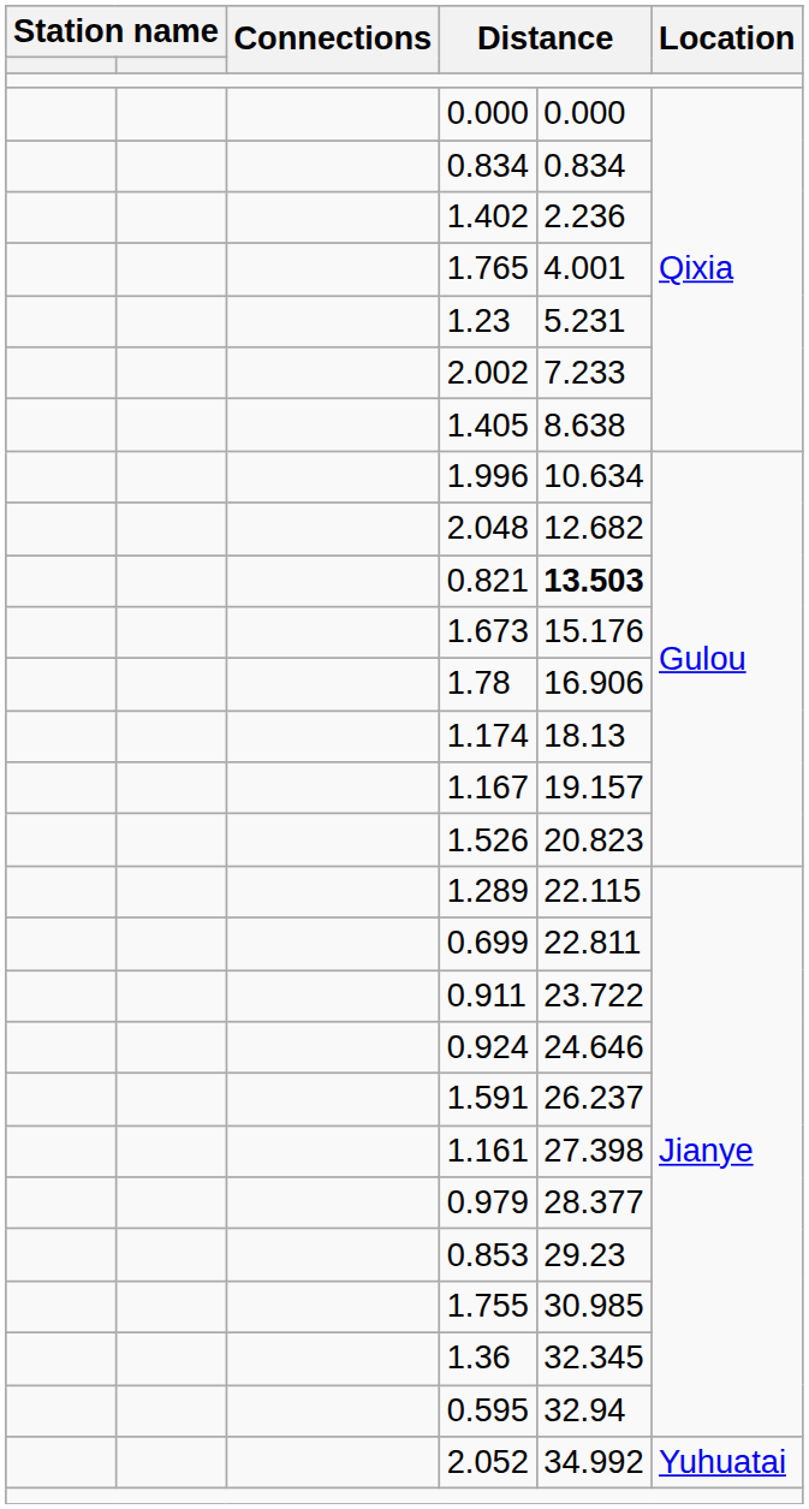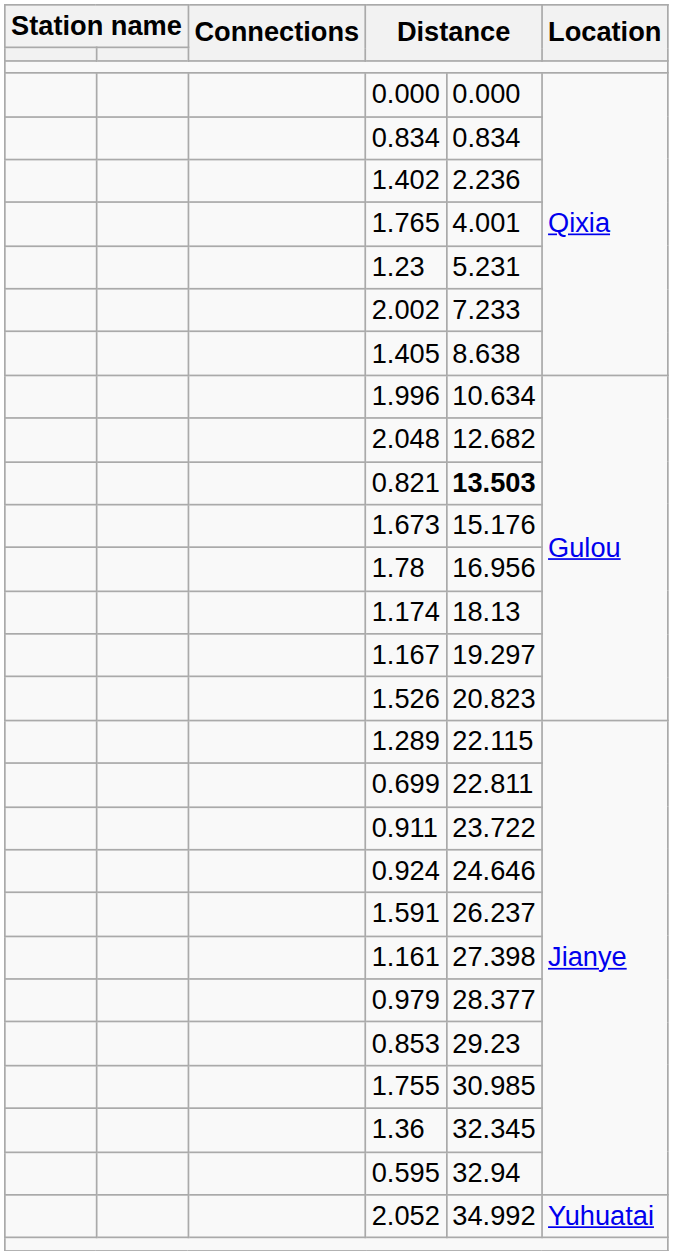 <table class="wikitable">
 <tr>
 <th colspan="2">Station name</th>
 <th rowspan="2">Connections</th>
 <th colspan="2" rowspan="2">Distance<br></th>
 <th rowspan="2">Location</th>
 </tr>
 <tr>
 <th></th>
 <th></th>
 </tr>
 <tr style="background:#">
 <td colspan = "6"></td>
 </tr>
 <tr>
 <td></td>
 <td></td>
 <td></td>
 <td>0.000</td>
 <td>0.000</td>
 <td rowspan = "7"><a href='#'>Qixia</a></td>
 </tr>
 <tr>
 <td></td>
 <td></td>
 <td></td>
 <td>0.834</td>
 <td>0.834</td>
 </tr>
 <tr>
 <td></td>
 <td></td>
 <td></td>
 <td>1.402</td>
 <td>2.236</td>
 </tr>
 <tr>
 <td></td>
 <td></td>
 <td></td>
 <td>1.765</td>
 <td>4.001</td>
 </tr>
 <tr>
 <td></td>
 <td></td>
 <td></td>
 <td>1.23</td>
 <td>5.231</td>
 </tr>
 <tr>
 <td></td>
 <td></td>
 <td></td>
 <td>2.002</td>
 <td>7.233</td>
 </tr>
 <tr>
 <td></td>
 <td></td>
 <td></td>
 <td>1.405</td>
 <td>8.638</td>
 </tr>
 <tr>
 <td></td>
 <td></td>
 <td></td>
 <td>1.996</td>
 <td>10.634</td>
 <td rowspan = "8"><a href='#'>Gulou</a></td>
 </tr>
 <tr>
 <td></td>
 <td></td>
 <td></td>
 <td>2.048</td>
 <td>12.682</td>
 </tr>
 <tr>
 <td></td>
 <td></td>
 <td></td>
 <td>0.821</td>
 <td><strong>13.503</strong></td>
 </tr>
 <tr>
 <td></td>
 <td></td>
 <td></td>
 <td>1.673</td>
 <td>15.176</td>
 </tr>
 <tr>
 <td></td>
 <td></td>
 <td></td>
 <td>1.78</td>
-<td>16.906</td>
+<td>16.956</td>
 </tr>
 <tr>
 <td></td>
 <td></td>
 <td></td>
 <td>1.174</td>
 <td>18.13</td>
 </tr>
 <tr>
 <td></td>
 <td></td>
 <td></td>
 <td>1.167</td>
-<td>19.157</td>
+<td>19.297</td>
 </tr>
 <tr>
 <td></td>
 <td></td>
 <td></td>
 <td>1.526</td>
 <td>20.823</td>
 </tr>
 <tr>
 <td></td>
 <td></td>
 <td></td>
 <td>1.289</td>
 <td>22.115</td>
 <td rowspan = "11"><a href='#'>Jianye</a></td>
 </tr>
 <tr>
 <td></td>
 <td></td>
 <td></td>
 <td>0.699</td>
 <td>22.811</td>
 </tr>
 <tr>
 <td></td>
 <td></td>
 <td></td>
 <td>0.911</td>
 <td>23.722</td>
 </tr>
 <tr>
 <td></td>
 <td></td>
 <td></td>
 <td>0.924</td>
 <td>24.646</td>
 </tr>
 <tr>
 <td></td>
 <td></td>
 <td></td>
 <td>1.591</td>
 <td>26.237</td>
 </tr>
 <tr>
 <td></td>
 <td></td>
 <td></td>
 <td>1.161</td>
 <td>27.398</td>
 </tr>
 <tr>
 <td></td>
 <td></td>
 <td></td>
 <td>0.979</td>
 <td>28.377</td>
 </tr>
 <tr>
 <td></td>
 <td></td>
 <td></td>
 <td>0.853</td>
 <td>29.23</td>
 </tr>
 <tr>
 <td></td>
 <td></td>
 <td></td>
 <td>1.755</td>
 <td>30.985</td>
 </tr>
 <tr>
 <td></td>
 <td></td>
 <td></td>
 <td>1.36</td>
 <td>32.345</td>
 </tr>
 <tr>
 <td></td>
 <td></td>
 <td></td>
 <td>0.595</td>
 <td>32.94</td>
 </tr>
 <tr>
 <td></td>
 <td></td>
 <td></td>
 <td>2.052</td>
 <td>34.992</td>
 <td><a href='#'>Yuhuatai</a></td>
 </tr>
 <tr style="background:#">
 <td colspan = "6"></td>
 </tr>
 </table>
